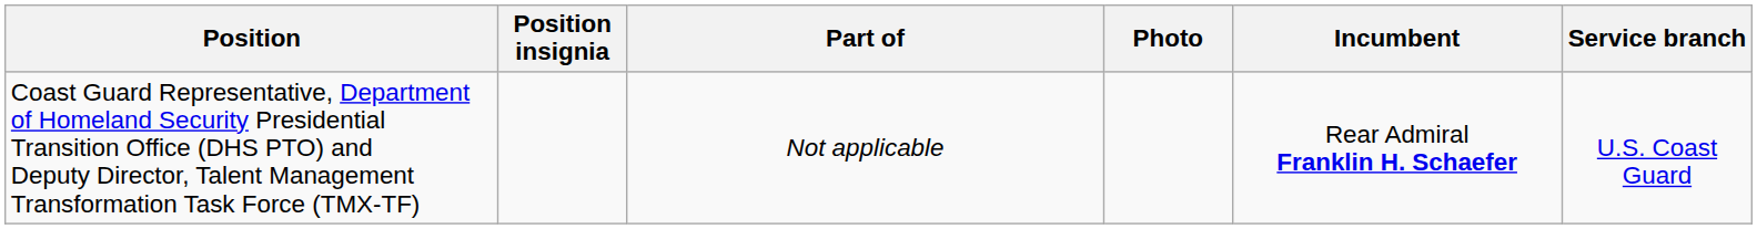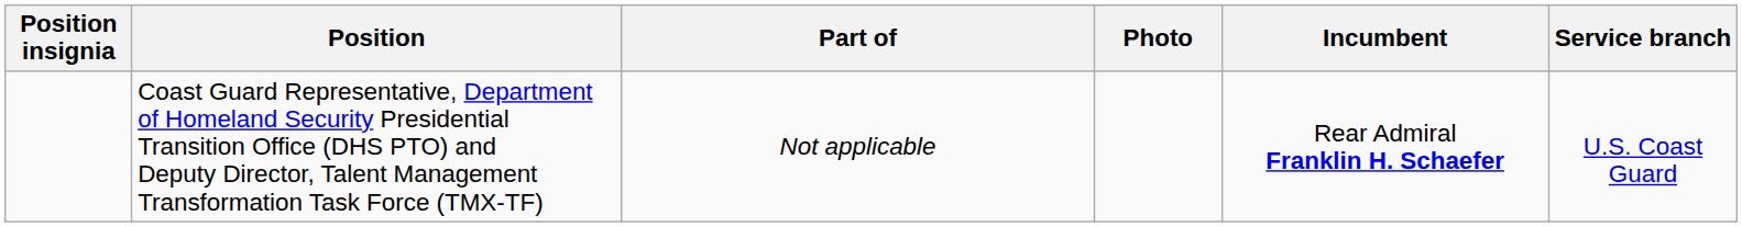 <table class="wikitable">
 <tr>
+<th width="75" style="text-align:center">Position insignia</th>
 <th width="310" style="text-align:center">Position</th>
-<th width="75" style="text-align:center">Position insignia</th>
 <th width="300" style="text-align:center">Part of</th>
 <th width="75" style="text-align:center">Photo</th>
 <th width="205" style="text-align:center">Incumbent</th>
 <th width="115" style="text-align:center">Service branch</th>
 </tr>
 <tr>
+<td> </td>
 <td>Coast Guard Representative, <a href='#'>Department of Homeland Security</a> Presidential Transition Office (DHS PTO) and<br>Deputy Director, Talent Management Transformation Task Force (TMX-TF)</td>
-<td> </td>
 <td style="text-align:center"><em>Not applicable</em></td>
 <td></td>
 <td style="text-align:center">Rear Admiral<br><strong><a href='#'>Franklin H. Schaefer</a></strong></td>
 <td style="text-align:center"><br><a href='#'>U.S. Coast Guard</a></td>
 </tr>
 </table>
